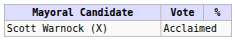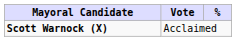 <table class="wikitable">
 <tr>
 <th style="background:#ddf; width:200px;">Mayoral Candidate  </th>
 <th style="background:#ddf; width:50px;">Vote</th>
 <th style="background:#ddf; width:30px;">%</th>
 </tr>
 <tr>
-<td>Scott Warnock (X)</td>
+<td><strong>Scott Warnock (X)</strong></td>
 <td colspan="2">Acclaimed</td>
 </tr>
 </table>
